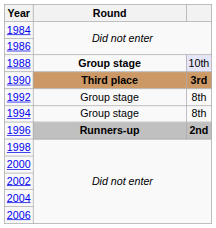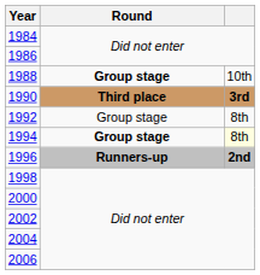 <table class="wikitable" style="text-align: center; font-size:90%">
 <tr>
 <th>Year</th>
 <th style="width:200px">Round</th>
 <th></th>
 </tr>
 <tr>
 <td><a href='#'>1984</a></td>
 <td colspan="2" rowspan="2"><em>Did not enter</em></td>
 </tr>
 <tr>
 <td><a href='#'>1986</a></td>
 </tr>
 <tr>
 <td><a href='#'>1988</a></td>
 <td><strong>Group stage</strong></td>
-<td style="background: lavender;">10th</td>
+<td>10th</td>
 </tr>
 <tr>
 <td><a href='#'>1990</a></td>
 <td bgcolor="cc9966"><strong>Third place</strong></td>
 <td bgcolor="cc9966"><strong>3rd</strong></td>
 </tr>
 <tr>
 <td><a href='#'>1992</a></td>
 <td>Group stage</td>
 <td>8th</td>
 </tr>
 <tr>
 <td><a href='#'>1994</a></td>
-<td>Group stage</td>
-<td>8th</td>
+<td><strong>Group stage</strong></td>
+<td style="background: lightyellow;">8th</td>
 </tr>
 <tr>
 <td><a href='#'>1996</a></td>
 <td bgcolor=Silver><strong>Runners-up</strong></td>
 <td bgcolor=Silver><strong>2nd</strong></td>
 </tr>
 <tr>
 <td><a href='#'>1998</a></td>
 <td colspan="2" rowspan="5"><em>Did not enter</em></td>
 </tr>
 <tr>
 <td><a href='#'>2000</a></td>
 </tr>
 <tr>
 <td><a href='#'>2002</a></td>
 </tr>
 <tr>
 <td><a href='#'>2004</a></td>
 </tr>
 <tr>
 <td><a href='#'>2006</a></td>
 </tr>
 </table>
